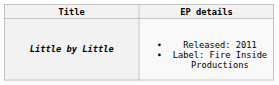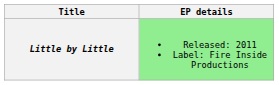 <table class="wikitable plainrowheaders" style="text-align:center;">
 <tr>
 <th scope="col" style="width:15em;">Title</th>
 <th scope="col" style="width:15em;">EP details</th>
 </tr>
 <tr>
 <th scope="row"><em>Little by Little</em></th>
-<td><br><ul><li>Released: 2011</li><li>Label: Fire Inside Productions</li></ul></td>
+<td style="background: lightgreen;"><br><ul><li>Released: 2011</li><li>Label: Fire Inside Productions</li></ul></td>
 </tr>
 </table>
